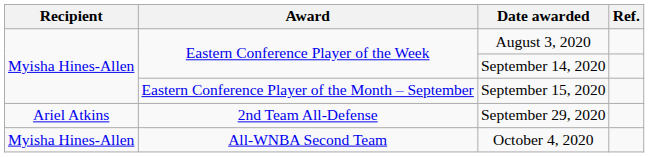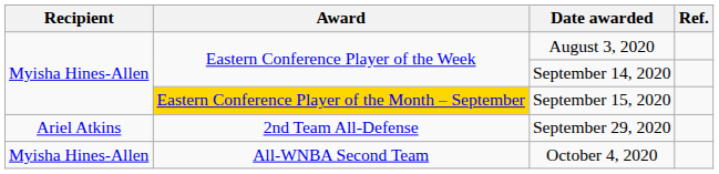 <table class="wikitable sortable sortable" style="text-align: center">
 <tr>
 <th>Recipient</th>
 <th>Award</th>
 <th>Date awarded</th>
 <th>Ref.</th>
 </tr>
 <tr>
 <td rowspan=3><a href='#'>Myisha Hines-Allen</a></td>
 <td rowspan=2><a href='#'>Eastern Conference Player of the Week</a></td>
 <td>August 3, 2020</td>
 <td></td>
 </tr>
 <tr>
 <td>September 14, 2020</td>
 <td></td>
 </tr>
 <tr>
-<td><a href='#'>Eastern Conference Player of the Month – September</a></td>
+<td style="background: gold;"><a href='#'>Eastern Conference Player of the Month – September</a></td>
 <td>September 15, 2020</td>
 <td></td>
 </tr>
 <tr>
 <td><a href='#'>Ariel Atkins</a></td>
 <td><a href='#'>2nd Team All-Defense</a></td>
 <td>September 29, 2020</td>
 <td></td>
 </tr>
 <tr>
 <td><a href='#'>Myisha Hines-Allen</a></td>
 <td><a href='#'>All-WNBA Second Team</a></td>
 <td>October 4, 2020</td>
 <td></td>
 </tr>
 </table>
